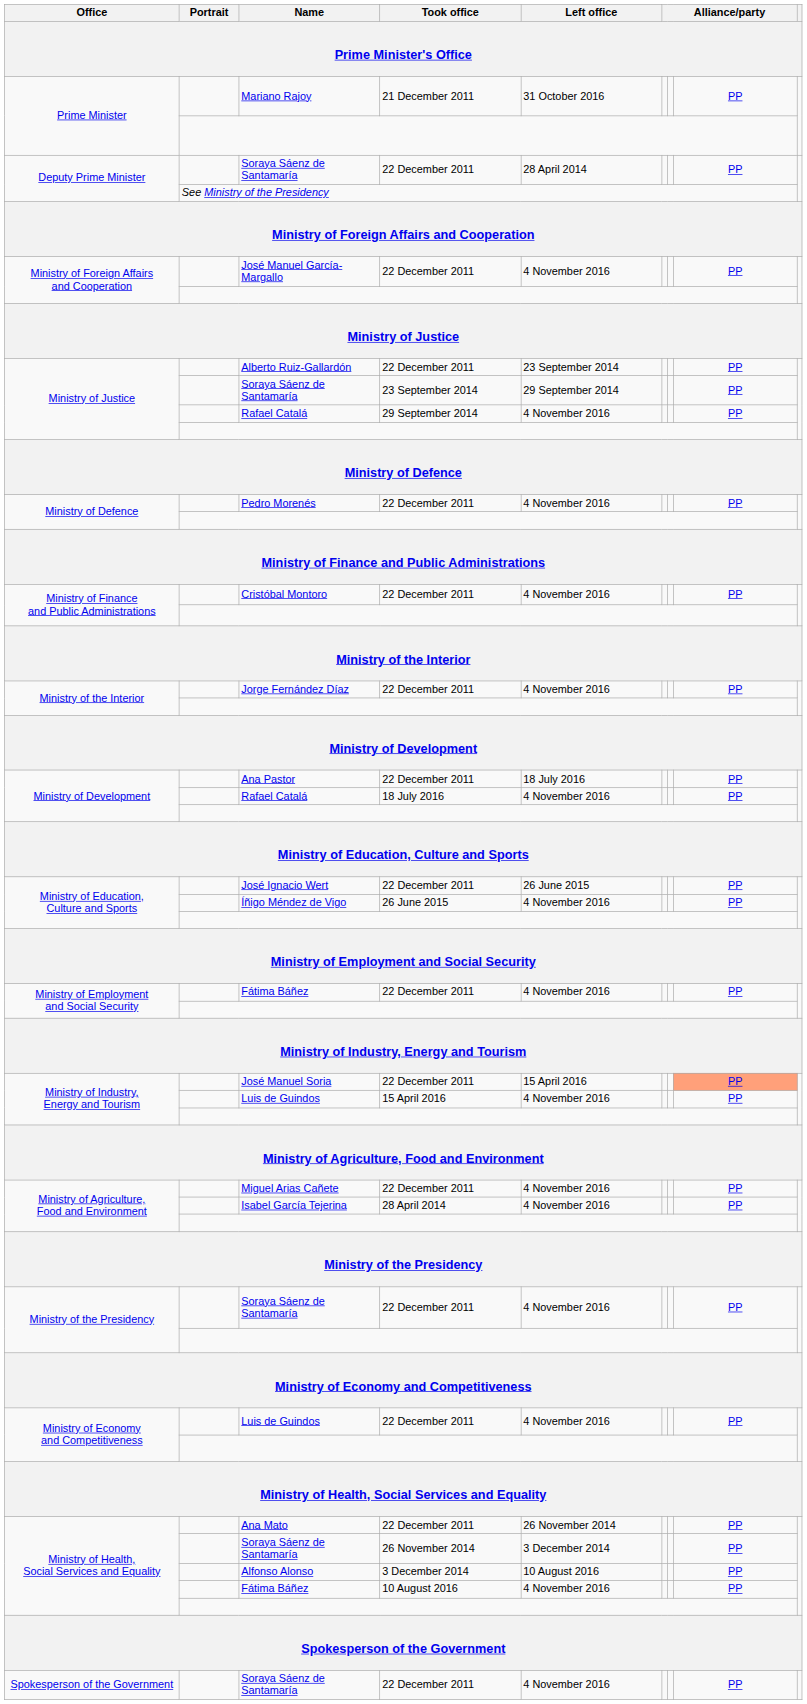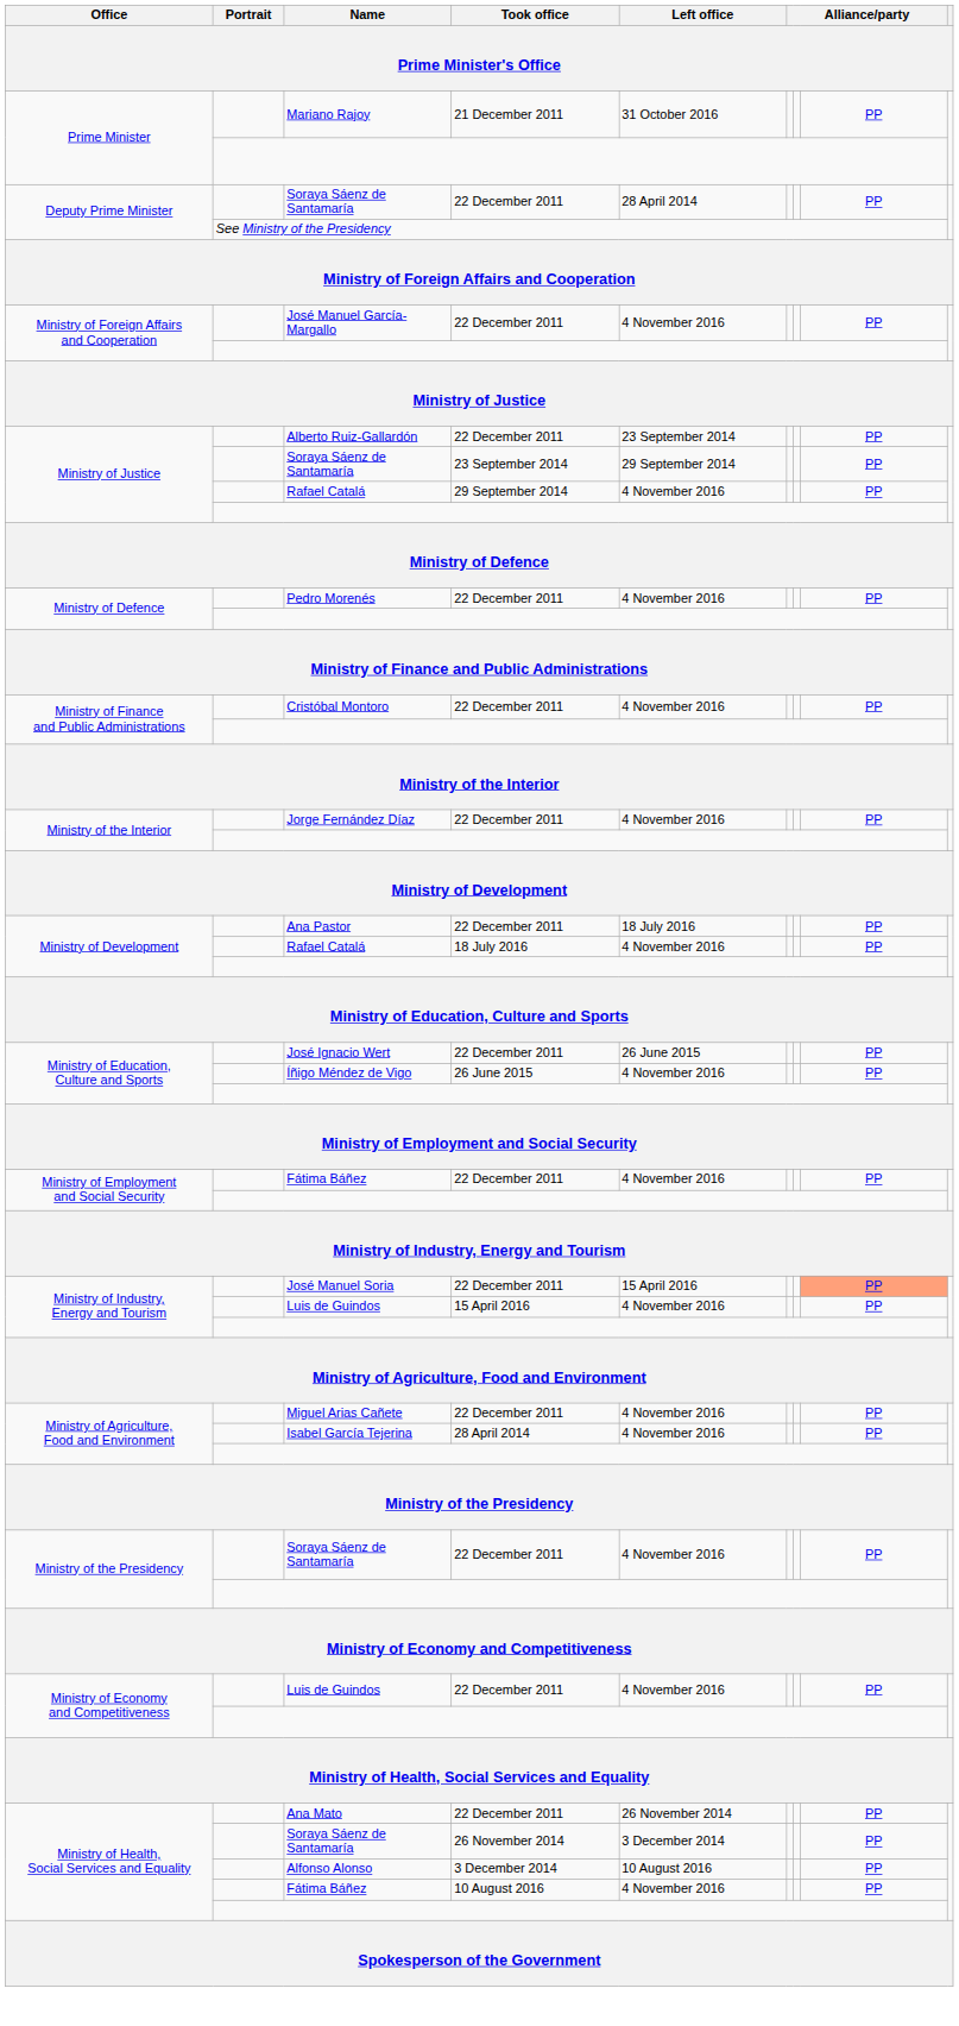 <table class="wikitable" style="line-height:18px;">
 <tr>
 <th scope="col">Office<br></th>
 <th scope="col">Portrait</th>
 <th scope="col">Name</th>
 <th scope="col">Took office</th>
 <th scope="col">Left office</th>
 <th colspan="3" scope="col">Alliance/party</th>
 <th></th>
 </tr>
 <tr>
 <th colspan="9"><br><h3><a href='#'>Prime Minister's Office</a></h3></th>
 </tr>
 <tr>
 <td align="center" rowspan="2" width="250"><a href='#'>Prime Minister</a><br></td>
 <td width="80"></td>
 <td width="200"><a href='#'>Mariano Rajoy</a></td>
 <td width="200">21 December 2011</td>
 <td width="200">31 October 2016</td>
 <td width="1" style="background-color:"></td>
 <td width="1" style="background-color:"></td>
 <td width="175" align="center"><a href='#'>PP</a></td>
 <td align="center" rowspan="2"><br><br><br><br><br><br></td>
 </tr>
 <tr>
 <td colspan="7"><br> </td>
 </tr>
 <tr>
 <td align="center" rowspan="2"><a href='#'>Deputy Prime Minister</a><br></td>
 <td></td>
 <td><a href='#'>Soraya Sáenz de Santamaría</a></td>
 <td>22 December 2011</td>
 <td>28 April 2014</td>
 <td style="background-color:"></td>
 <td style="background-color:"></td>
 <td align="center"><a href='#'>PP</a></td>
 <td align="center" rowspan="2"></td>
 </tr>
 <tr>
 <td colspan="7"><em>See <a href='#'>Ministry of the Presidency</a></em></td>
 </tr>
 <tr>
 <th colspan="9"><br><h3><a href='#'>Ministry of Foreign Affairs and Cooperation</a></h3></th>
 </tr>
 <tr>
 <td align="center" rowspan="2"><a href='#'>Ministry of Foreign Affairs<br>and Cooperation</a><br></td>
 <td></td>
 <td><a href='#'>José Manuel García-Margallo</a></td>
 <td>22 December 2011</td>
 <td>4 November 2016</td>
 <td style="background-color:"></td>
 <td style="background-color:"></td>
 <td align="center"><a href='#'>PP</a></td>
 <td align="center" rowspan="2"><br><br><br></td>
 </tr>
 <tr>
 <td colspan="7"><br> </td>
 </tr>
 <tr>
 <th colspan="9"><br><h3><a href='#'>Ministry of Justice</a></h3></th>
 </tr>
 <tr>
 <td align="center" rowspan="4"><a href='#'>Ministry of Justice</a><br></td>
 <td></td>
 <td><a href='#'>Alberto Ruiz-Gallardón</a></td>
 <td>22 December 2011</td>
 <td>23 September 2014<br></td>
 <td style="background-color:"></td>
 <td style="background-color:"></td>
 <td align="center"><a href='#'>PP</a></td>
 <td align="center" rowspan="4"><br><br></td>
 </tr>
 <tr>
 <td></td>
 <td><a href='#'>Soraya Sáenz de Santamaría</a><br></td>
 <td>23 September 2014</td>
 <td>29 September 2014</td>
 <td style="background-color:"></td>
 <td style="background-color:"></td>
 <td align="center"><a href='#'>PP</a></td>
 </tr>
 <tr>
 <td></td>
 <td><a href='#'>Rafael Catalá</a></td>
 <td>29 September 2014</td>
 <td>4 November 2016</td>
 <td style="background-color:"></td>
 <td style="background-color:"></td>
 <td align="center"><a href='#'>PP</a></td>
 </tr>
 <tr>
 <td colspan="7"><br></td>
 </tr>
 <tr>
 <th colspan="9"><br><h3><a href='#'>Ministry of Defence</a></h3></th>
 </tr>
 <tr>
 <td align="center" rowspan="2"><a href='#'>Ministry of Defence</a><br></td>
 <td></td>
 <td><a href='#'>Pedro Morenés</a></td>
 <td>22 December 2011</td>
 <td>4 November 2016</td>
 <td style="background-color:"></td>
 <td style="background-color:"></td>
 <td align="center"><a href='#'>PP</a><br></td>
 <td align="center" rowspan="2"><br></td>
 </tr>
 <tr>
 <td colspan="7"><br></td>
 </tr>
 <tr>
 <th colspan="9"><br><h3><a href='#'>Ministry of Finance and Public Administrations</a></h3></th>
 </tr>
 <tr>
 <td align="center" rowspan="2"><a href='#'>Ministry of Finance<br>and Public Administrations</a><br></td>
 <td></td>
 <td><a href='#'>Cristóbal Montoro</a></td>
 <td>22 December 2011</td>
 <td>4 November 2016</td>
 <td style="background-color:"></td>
 <td style="background-color:"></td>
 <td align="center"><a href='#'>PP</a></td>
 <td align="center" rowspan="2"><br><br><br></td>
 </tr>
 <tr>
 <td colspan="7"><br></td>
 </tr>
 <tr>
 <th colspan="9"><br><h3><a href='#'>Ministry of the Interior</a></h3></th>
 </tr>
 <tr>
 <td align="center" rowspan="2"><a href='#'>Ministry of the Interior</a><br></td>
 <td></td>
 <td><a href='#'>Jorge Fernández Díaz</a></td>
 <td>22 December 2011</td>
 <td>4 November 2016</td>
 <td style="background-color:"></td>
 <td style="background-color:"></td>
 <td align="center"><a href='#'>PP</a></td>
 <td align="center" rowspan="2"><br></td>
 </tr>
 <tr>
 <td colspan="7"><br></td>
 </tr>
 <tr>
 <th colspan="9"><br><h3><a href='#'>Ministry of Development</a></h3></th>
 </tr>
 <tr>
 <td align="center" rowspan="3"><a href='#'>Ministry of Development</a><br></td>
 <td></td>
 <td><a href='#'>Ana Pastor</a></td>
 <td>22 December 2011</td>
 <td>18 July 2016<br></td>
 <td style="background-color:"></td>
 <td style="background-color:"></td>
 <td align="center"><a href='#'>PP</a></td>
 <td align="center" rowspan="3"><br><br></td>
 </tr>
 <tr>
 <td></td>
 <td><a href='#'>Rafael Catalá</a><br></td>
 <td>18 July 2016</td>
 <td>4 November 2016</td>
 <td style="background-color:"></td>
 <td style="background-color:"></td>
 <td align="center"><a href='#'>PP</a></td>
 </tr>
 <tr>
 <td colspan="7"><br></td>
 </tr>
 <tr>
 <th colspan="9"><br><h3><a href='#'>Ministry of Education, Culture and Sports</a></h3></th>
 </tr>
 <tr>
 <td align="center" rowspan="3"><a href='#'>Ministry of Education,<br>Culture and Sports</a><br></td>
 <td></td>
 <td><a href='#'>José Ignacio Wert</a></td>
 <td>22 December 2011</td>
 <td>26 June 2015</td>
 <td style="background-color:"></td>
 <td style="background-color:"></td>
 <td align="center"><a href='#'>PP</a><br></td>
 <td align="center" rowspan="3"><br><br></td>
 </tr>
 <tr>
 <td></td>
 <td><a href='#'>Íñigo Méndez de Vigo</a></td>
 <td>26 June 2015</td>
 <td>4 November 2016</td>
 <td style="background-color:"></td>
 <td style="background-color:"></td>
 <td align="center"><a href='#'>PP</a></td>
 </tr>
 <tr>
 <td colspan="7"><br></td>
 </tr>
 <tr>
 <th colspan="9"><br><h3><a href='#'>Ministry of Employment and Social Security</a></h3></th>
 </tr>
 <tr>
 <td align="center" rowspan="2"><a href='#'>Ministry of Employment<br>and Social Security</a><br></td>
 <td></td>
 <td><a href='#'>Fátima Báñez</a></td>
 <td>22 December 2011</td>
 <td>4 November 2016</td>
 <td style="background-color:"></td>
 <td style="background-color:"></td>
 <td align="center"><a href='#'>PP</a></td>
 <td align="center" rowspan="2"><br></td>
 </tr>
 <tr>
 <td colspan="7"><br></td>
 </tr>
 <tr>
 <th colspan="9"><br><h3><a href='#'>Ministry of Industry, Energy and Tourism</a></h3></th>
 </tr>
 <tr>
 <td align="center" rowspan="3"><a href='#'>Ministry of Industry,<br>Energy and Tourism</a><br></td>
 <td></td>
 <td><a href='#'>José Manuel Soria</a></td>
 <td>22 December 2011</td>
 <td>15 April 2016<br></td>
 <td style="background-color:"></td>
 <td style="background-color:"></td>
 <td align="center" style="background: lightsalmon;"><a href='#'>PP</a></td>
 <td align="center" rowspan="3"><br></td>
 </tr>
 <tr>
 <td></td>
 <td><a href='#'>Luis de Guindos</a><br></td>
 <td>15 April 2016</td>
 <td>4 November 2016</td>
 <td style="background-color:"></td>
 <td style="background-color:"></td>
 <td align="center"><a href='#'>PP</a><br></td>
 </tr>
 <tr>
 <td colspan="7"><br></td>
 </tr>
 <tr>
 <th colspan="9"><br><h3><a href='#'>Ministry of Agriculture, Food and Environment</a></h3></th>
 </tr>
 <tr>
 <td align="center" rowspan="3"><a href='#'>Ministry of Agriculture,<br>Food and Environment</a><br></td>
 <td></td>
 <td><a href='#'>Miguel Arias Cañete</a></td>
 <td>22 December 2011</td>
 <td>4 November 2016</td>
 <td style="background-color:"></td>
 <td style="background-color:"></td>
 <td align="center"><a href='#'>PP</a></td>
 <td align="center" rowspan="3"><br></td>
 </tr>
 <tr>
 <td></td>
 <td><a href='#'>Isabel García Tejerina</a></td>
 <td>28 April 2014</td>
 <td>4 November 2016</td>
 <td style="background-color:"></td>
 <td style="background-color:"></td>
 <td align="center"><a href='#'>PP</a></td>
 </tr>
 <tr>
 <td colspan="7"><br></td>
 </tr>
 <tr>
 <th colspan="9"><br><h3><a href='#'>Ministry of the Presidency</a></h3></th>
 </tr>
 <tr>
 <td align="center" rowspan="2"><a href='#'>Ministry of the Presidency</a><br></td>
 <td></td>
 <td><a href='#'>Soraya Sáenz de Santamaría</a></td>
 <td>22 December 2011</td>
 <td>4 November 2016</td>
 <td style="background-color:"></td>
 <td style="background-color:"></td>
 <td align="center"><a href='#'>PP</a></td>
 <td align="center" rowspan="2"><br><br><br><br><br></td>
 </tr>
 <tr>
 <td colspan="7"><br></td>
 </tr>
 <tr>
 <th colspan="9"><br><h3><a href='#'>Ministry of Economy and Competitiveness</a></h3></th>
 </tr>
 <tr>
 <td align="center" rowspan="2"><a href='#'>Ministry of Economy<br>and Competitiveness</a><br></td>
 <td></td>
 <td><a href='#'>Luis de Guindos</a></td>
 <td>22 December 2011</td>
 <td>4 November 2016</td>
 <td style="background-color:"></td>
 <td style="background-color:"></td>
 <td align="center"><a href='#'>PP</a><br></td>
 <td align="center" rowspan="2"><br><br><br><br></td>
 </tr>
 <tr>
 <td colspan="7"><br></td>
 </tr>
 <tr>
 <th colspan="9"><br><h3><a href='#'>Ministry of Health, Social Services and Equality</a></h3></th>
 </tr>
 <tr>
 <td align="center" rowspan="5"><a href='#'>Ministry of Health,<br>Social Services and Equality</a><br></td>
 <td></td>
 <td><a href='#'>Ana Mato</a></td>
 <td>22 December 2011</td>
 <td>26 November 2014<br></td>
 <td style="background-color:"></td>
 <td style="background-color:"></td>
 <td align="center"><a href='#'>PP</a></td>
 <td align="center" rowspan="5"><br><br><br></td>
 </tr>
 <tr>
 <td></td>
 <td><a href='#'>Soraya Sáenz de Santamaría</a><br></td>
 <td>26 November 2014</td>
 <td>3 December 2014</td>
 <td style="background-color:"></td>
 <td style="background-color:"></td>
 <td align="center"><a href='#'>PP</a></td>
 </tr>
 <tr>
 <td></td>
 <td><a href='#'>Alfonso Alonso</a></td>
 <td>3 December 2014</td>
 <td>10 August 2016<br></td>
 <td style="background-color:"></td>
 <td style="background-color:"></td>
 <td align="center"><a href='#'>PP</a></td>
 </tr>
 <tr>
 <td></td>
 <td><a href='#'>Fátima Báñez</a><br></td>
 <td>10 August 2016</td>
 <td>4 November 2016</td>
 <td style="background-color:"></td>
 <td style="background-color:"></td>
 <td align="center"><a href='#'>PP</a></td>
 </tr>
 <tr>
 <td colspan="7"><br></td>
 </tr>
 <tr>
 <th colspan="9"><br><h3><a href='#'>Spokesperson of the Government</a></h3></th>
 </tr>
-<tr>
-<td align="center"><a href='#'>Spokesperson of the Government</a><br></td>
-<td></td>
-<td><a href='#'>Soraya Sáenz de Santamaría</a></td>
-<td>22 December 2011</td>
-<td>4 November 2016</td>
-<td style="background-color:"></td>
-<td style="background-color:"></td>
-<td align="center"><a href='#'>PP</a></td>
-<td align="center"></td>
-</tr>
 </table>
